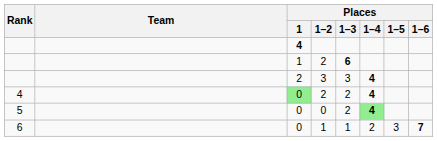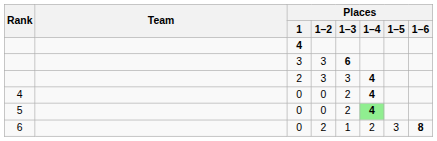 <table class="wikitable" style="text-align:center">
 <tr>
 <th rowspan="2" width=40>Rank</th>
 <th rowspan="2" width=380>Team</th>
 <th colspan="7">Places</th>
 </tr>
 <tr>
 <th width=30>1</th>
 <th width=30>1–2</th>
 <th width=30>1–3</th>
 <th width=30>1–4</th>
 <th width=30>1–5</th>
 <th width=30>1–6</th>
 </tr>
 <tr>
 <td></td>
 <td align=left></td>
 <td><strong>4</strong></td>
 <td></td>
 <td></td>
 <td></td>
 <td></td>
 <td></td>
 </tr>
 <tr>
 <td></td>
 <td align=left></td>
-<td>1</td>
-<td>2</td>
+<td>3</td>
+<td>3</td>
 <td><strong>6</strong></td>
 <td></td>
 <td></td>
 <td></td>
 </tr>
 <tr>
 <td></td>
 <td align=left></td>
 <td>2</td>
 <td>3</td>
 <td>3</td>
 <td><strong>4</strong></td>
 <td></td>
 <td></td>
 </tr>
 <tr>
 <td>4</td>
 <td align=left></td>
-<td style="background: lightgreen;">0</td>
-<td>2</td>
+<td>0</td>
+<td>0</td>
 <td>2</td>
 <td><strong>4</strong></td>
 <td></td>
 <td></td>
 </tr>
 <tr>
 <td>5</td>
 <td align=left></td>
 <td>0</td>
 <td>0</td>
 <td>2</td>
 <td style="background: lightgreen;"><strong>4</strong></td>
 <td></td>
 <td></td>
 </tr>
 <tr>
 <td>6</td>
 <td align=left></td>
 <td>0</td>
-<td>1</td>
+<td>2</td>
 <td>1</td>
 <td>2</td>
 <td>3</td>
-<td><strong>7</strong></td>
+<td><strong>8</strong></td>
 </tr>
 </table>
